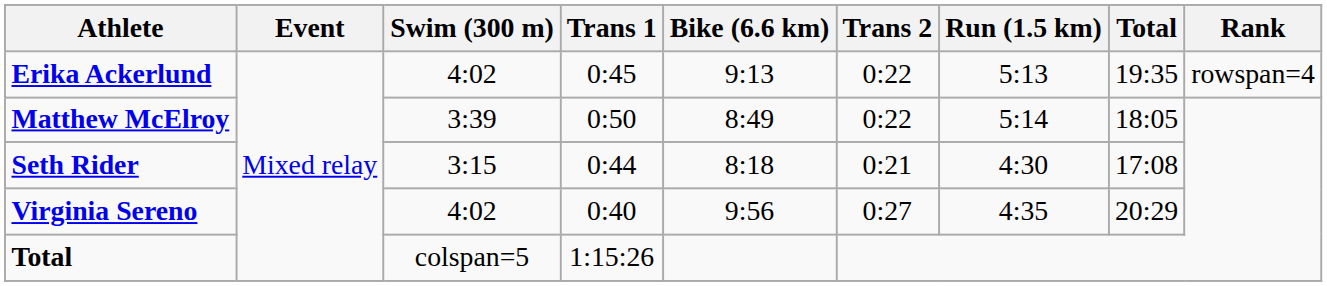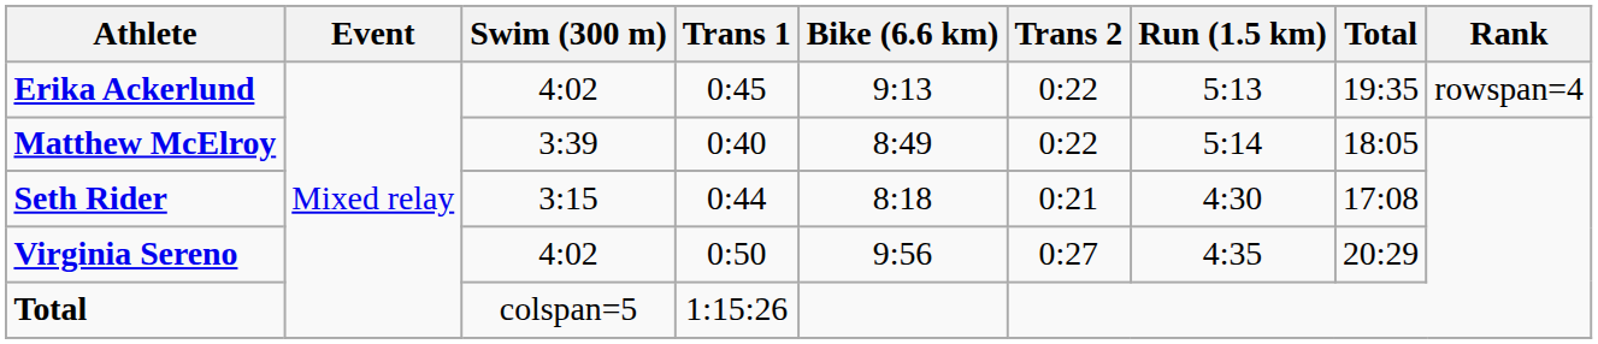 <table class=wikitable style=font-size:90%;text-align:center>
 <tr>
 <th>Athlete</th>
 <th>Event</th>
 <th>Swim (300 m)</th>
 <th>Trans 1</th>
 <th>Bike (6.6 km)</th>
 <th>Trans 2</th>
 <th>Run (1.5 km)</th>
 <th>Total</th>
 <th>Rank</th>
 </tr>
 <tr>
 <td align=left><strong><a href='#'>Erika Ackerlund</a></strong></td>
 <td align=left rowspan=5><a href='#'>Mixed relay</a></td>
 <td>4:02</td>
 <td>0:45</td>
 <td>9:13</td>
 <td>0:22</td>
 <td>5:13</td>
 <td>19:35</td>
 <td>rowspan=4 </td>
 </tr>
 <tr>
 <td align=left><strong><a href='#'>Matthew McElroy</a></strong></td>
 <td>3:39</td>
-<td>0:50</td>
+<td>0:40</td>
 <td>8:49</td>
 <td>0:22</td>
 <td>5:14</td>
 <td>18:05</td>
 </tr>
 <tr>
 <td align=left><strong><a href='#'>Seth Rider</a></strong></td>
 <td>3:15</td>
 <td>0:44</td>
 <td>8:18</td>
 <td>0:21</td>
 <td>4:30</td>
 <td>17:08</td>
 </tr>
 <tr>
 <td align=left><strong><a href='#'>Virginia Sereno</a></strong></td>
 <td>4:02</td>
-<td>0:40</td>
+<td>0:50</td>
 <td>9:56</td>
 <td>0:27</td>
 <td>4:35</td>
 <td>20:29</td>
 </tr>
 <tr>
 <td align=left><strong>Total</strong></td>
 <td>colspan=5 </td>
 <td>1:15:26</td>
 <td></td>
 </tr>
 </table>
